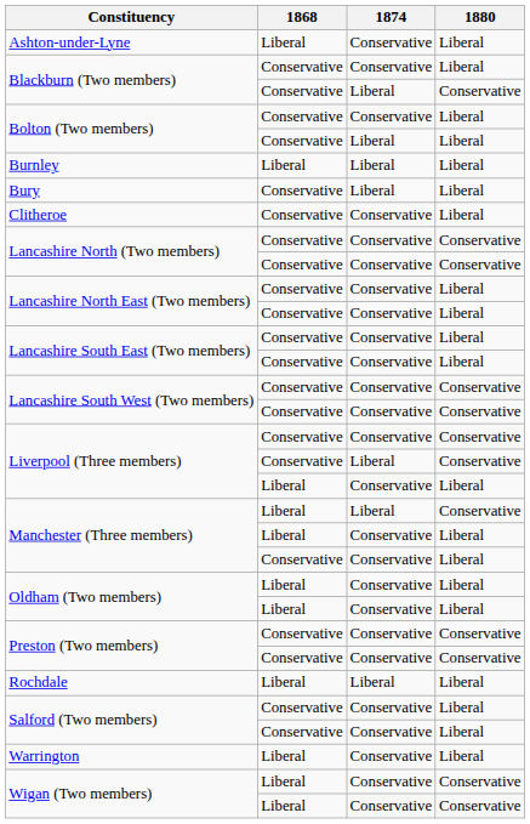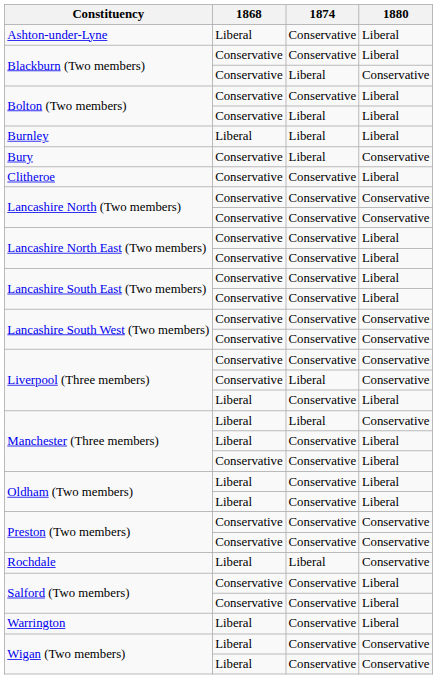 <table class="wikitable">
 <tr>
 <th>Constituency</th>
 <th>1868</th>
 <th>1874</th>
 <th>1880</th>
 </tr>
 <tr>
 <td><a href='#'>Ashton-under-Lyne</a></td>
 <td>Liberal</td>
 <td>Conservative</td>
 <td>Liberal</td>
 </tr>
 <tr>
 <td rowspan="2"><a href='#'>Blackburn</a> (Two members)</td>
 <td>Conservative</td>
 <td>Conservative</td>
 <td>Liberal</td>
 </tr>
 <tr>
 <td>Conservative</td>
 <td>Liberal</td>
 <td>Conservative</td>
 </tr>
 <tr>
 <td rowspan="2"><a href='#'>Bolton</a> (Two members)</td>
 <td>Conservative</td>
 <td>Conservative</td>
 <td>Liberal</td>
 </tr>
 <tr>
 <td>Conservative</td>
 <td>Liberal</td>
 <td>Liberal</td>
 </tr>
 <tr>
 <td><a href='#'>Burnley</a></td>
 <td>Liberal</td>
 <td>Liberal</td>
 <td>Liberal</td>
 </tr>
 <tr>
 <td><a href='#'>Bury</a></td>
 <td>Conservative</td>
 <td>Liberal</td>
-<td>Liberal</td>
+<td>Conservative</td>
 </tr>
 <tr>
 <td><a href='#'>Clitheroe</a></td>
 <td>Conservative</td>
 <td>Conservative</td>
 <td>Liberal</td>
 </tr>
 <tr>
 <td rowspan="2"><a href='#'>Lancashire North</a> (Two members)</td>
 <td>Conservative</td>
 <td>Conservative</td>
 <td>Conservative</td>
 </tr>
 <tr>
 <td>Conservative</td>
 <td>Conservative</td>
 <td>Conservative</td>
 </tr>
 <tr>
 <td rowspan="2"><a href='#'>Lancashire North East</a> (Two members)</td>
 <td>Conservative</td>
 <td>Conservative</td>
 <td>Liberal</td>
 </tr>
 <tr>
 <td>Conservative</td>
 <td>Conservative</td>
 <td>Liberal</td>
 </tr>
 <tr>
 <td rowspan="2"><a href='#'>Lancashire South East</a> (Two members)</td>
 <td>Conservative</td>
 <td>Conservative</td>
 <td>Liberal</td>
 </tr>
 <tr>
 <td>Conservative</td>
 <td>Conservative</td>
 <td>Liberal</td>
 </tr>
 <tr>
 <td rowspan="2"><a href='#'>Lancashire South West</a> (Two members)</td>
 <td>Conservative</td>
 <td>Conservative</td>
 <td>Conservative</td>
 </tr>
 <tr>
 <td>Conservative</td>
 <td>Conservative</td>
 <td>Conservative</td>
 </tr>
 <tr>
 <td rowspan="3"><a href='#'>Liverpool</a> (Three members)</td>
 <td>Conservative</td>
 <td>Conservative</td>
 <td>Conservative</td>
 </tr>
 <tr>
 <td>Conservative</td>
 <td>Liberal</td>
 <td>Conservative</td>
 </tr>
 <tr>
 <td>Liberal</td>
 <td>Conservative</td>
 <td>Liberal</td>
 </tr>
 <tr>
 <td rowspan="3"><a href='#'>Manchester</a> (Three members)</td>
 <td>Liberal</td>
 <td>Liberal</td>
 <td>Conservative</td>
 </tr>
 <tr>
 <td>Liberal</td>
 <td>Conservative</td>
 <td>Liberal</td>
 </tr>
 <tr>
 <td>Conservative</td>
 <td>Conservative</td>
 <td>Liberal</td>
 </tr>
 <tr>
 <td rowspan="2"><a href='#'>Oldham</a> (Two members)</td>
 <td>Liberal</td>
 <td>Conservative</td>
 <td>Liberal</td>
 </tr>
 <tr>
 <td>Liberal</td>
 <td>Conservative</td>
 <td>Liberal</td>
 </tr>
 <tr>
 <td rowspan="2"><a href='#'>Preston</a> (Two members)</td>
 <td>Conservative</td>
 <td>Conservative</td>
 <td>Conservative</td>
 </tr>
 <tr>
 <td>Conservative</td>
 <td>Conservative</td>
 <td>Conservative</td>
 </tr>
 <tr>
 <td><a href='#'>Rochdale</a></td>
 <td>Liberal</td>
 <td>Liberal</td>
-<td>Liberal</td>
+<td>Conservative</td>
 </tr>
 <tr>
 <td rowspan="2"><a href='#'>Salford</a> (Two members)</td>
 <td>Conservative</td>
 <td>Conservative</td>
 <td>Liberal</td>
 </tr>
 <tr>
 <td>Conservative</td>
 <td>Conservative</td>
 <td>Liberal</td>
 </tr>
 <tr>
 <td><a href='#'>Warrington</a></td>
 <td>Liberal</td>
 <td>Conservative</td>
 <td>Liberal</td>
 </tr>
 <tr>
 <td rowspan="2"><a href='#'>Wigan</a> (Two members)</td>
 <td>Liberal</td>
 <td>Conservative</td>
 <td>Conservative</td>
 </tr>
 <tr>
 <td>Liberal</td>
 <td>Conservative</td>
 <td>Conservative</td>
 </tr>
 </table>
